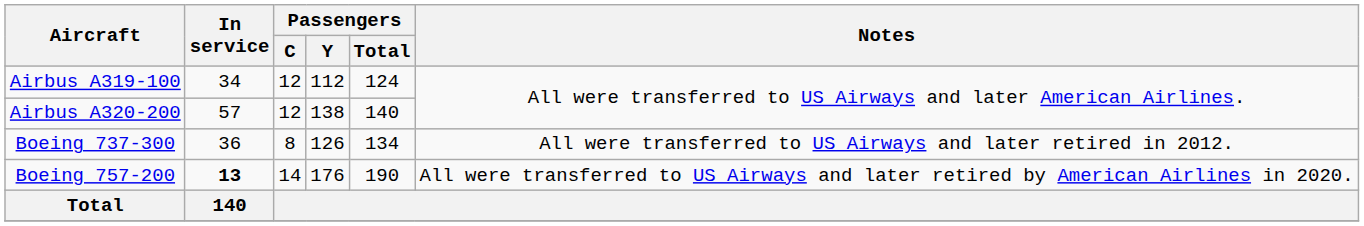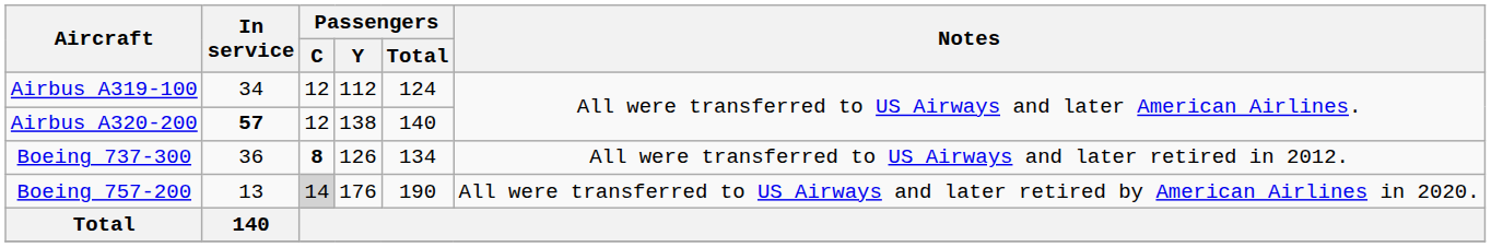 <table class="wikitable" style="margin:0.5em auto; text-align:center">
 <tr>
 <th rowspan=2>Aircraft</th>
 <th rowspan=2>In<br>service</th>
 <th colspan=3>Passengers</th>
 <th rowspan=2>Notes</th>
 </tr>
 <tr>
 <th><abbr>C</abbr></th>
 <th><abbr>Y</abbr></th>
 <th>Total</th>
 </tr>
 <tr>
 <td><a href='#'>Airbus A319-100</a></td>
 <td>34</td>
 <td>12</td>
 <td>112</td>
 <td>124</td>
 <td rowspan=2>All were transferred to <a href='#'>US Airways</a> and later <a href='#'>American Airlines</a>.</td>
 </tr>
 <tr>
 <td><a href='#'>Airbus A320-200</a></td>
-<td>57</td>
+<td><strong>57</strong></td>
 <td>12</td>
 <td>138</td>
 <td>140</td>
 </tr>
 <tr>
 <td><a href='#'>Boeing 737-300</a></td>
 <td>36</td>
-<td>8</td>
+<td><strong>8</strong></td>
 <td>126</td>
 <td>134</td>
 <td>All were transferred to <a href='#'>US Airways</a> and later retired in 2012.</td>
 </tr>
 <tr>
 <td><a href='#'>Boeing 757-200</a></td>
-<td><strong>13</strong></td>
-<td>14</td>
+<td>13</td>
+<td style="background: lightgrey;">14</td>
 <td>176</td>
 <td>190</td>
 <td>All were transferred to <a href='#'>US Airways</a> and later retired by <a href='#'>American Airlines</a> in 2020.</td>
 </tr>
 <tr>
 <th>Total</th>
 <th>140</th>
 <th colspan=4></th>
 </tr>
 <tr>
 </tr>
 </table>
